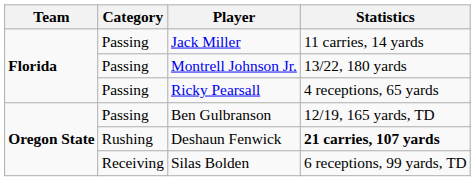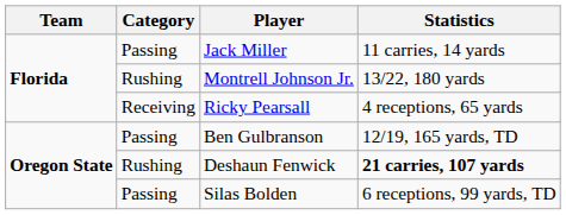 <table class="wikitable" style="float: right;">
 <tr>
 <th>Team</th>
 <th>Category</th>
 <th>Player</th>
 <th>Statistics</th>
 </tr>
 <tr>
 <td rowspan=3><strong>Florida</strong></td>
 <td>Passing</td>
 <td><a href='#'>Jack Miller</a></td>
 <td>11 carries, 14 yards</td>
 </tr>
 <tr>
-<td>Passing</td>
+<td>Rushing</td>
 <td><a href='#'>Montrell Johnson Jr.</a></td>
 <td>13/22, 180 yards</td>
 </tr>
 <tr>
-<td>Passing</td>
+<td>Receiving</td>
 <td><a href='#'>Ricky Pearsall</a></td>
 <td>4 receptions, 65 yards</td>
 </tr>
 <tr>
 <td rowspan=3><strong>Oregon State</strong></td>
 <td>Passing</td>
 <td>Ben Gulbranson</td>
 <td>12/19, 165 yards, TD</td>
 </tr>
 <tr>
 <td>Rushing</td>
 <td>Deshaun Fenwick</td>
 <td><strong>21 carries, 107 yards</strong></td>
 </tr>
 <tr>
-<td>Receiving</td>
+<td>Passing</td>
 <td>Silas Bolden</td>
 <td>6 receptions, 99 yards, TD</td>
 </tr>
 </table>
